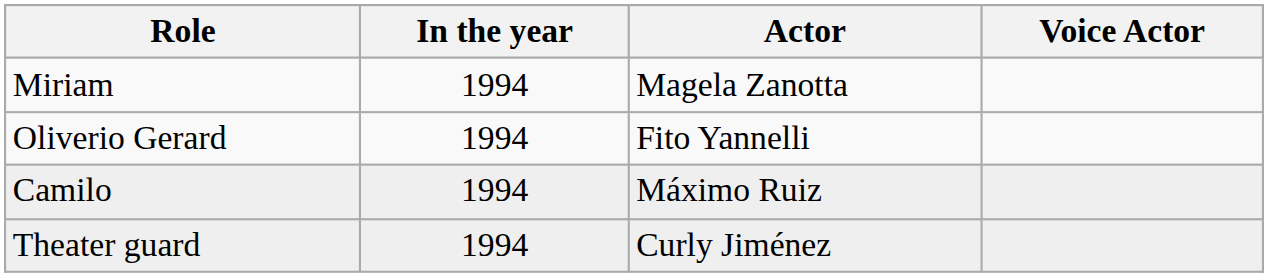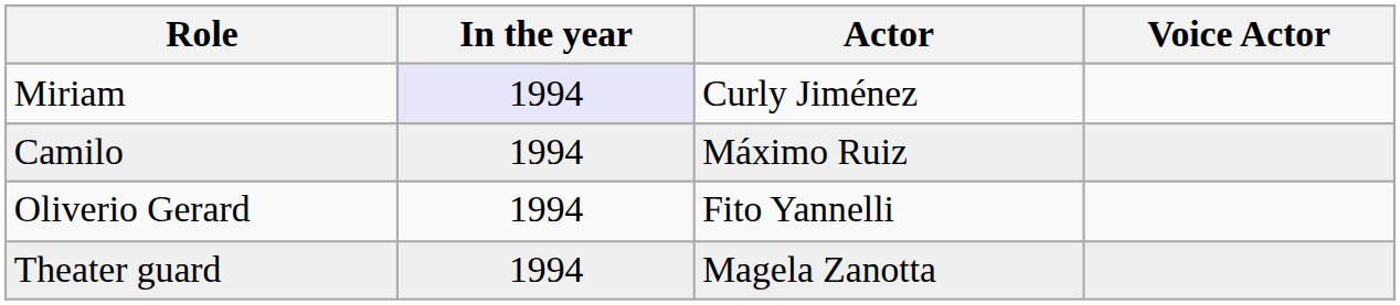 <table class="wikitable" width="600">
 <tr style="background:#abcdef;">
 <th>Role</th>
 <th>In the year</th>
 <th>Actor</th>
 <th>Voice Actor</th>
 </tr>
 <tr>
 <td>Miriam</td>
+<td align="center" style="background: lavender;">1994</td>
+<td>Curly Jiménez</td>
+<td></td>
+</tr>
+<tr style="background-color:#EFEFEF">
+<td>Camilo</td>
 <td align="center">1994</td>
-<td>Magela Zanotta</td>
+<td>Máximo Ruiz</td>
 <td></td>
 </tr>
 <tr>
 <td>Oliverio Gerard</td>
 <td align="center">1994</td>
 <td>Fito Yannelli</td>
 <td></td>
 </tr>
 <tr style="background-color:#EFEFEF">
-<td>Camilo</td>
-<td align="center">1994</td>
-<td>Máximo Ruiz</td>
-<td></td>
-</tr>
-<tr style="background-color:#EFEFEF">
 <td>Theater guard</td>
 <td align="center">1994</td>
-<td>Curly Jiménez</td>
+<td>Magela Zanotta</td>
 <td></td>
 </tr>
 </table>
